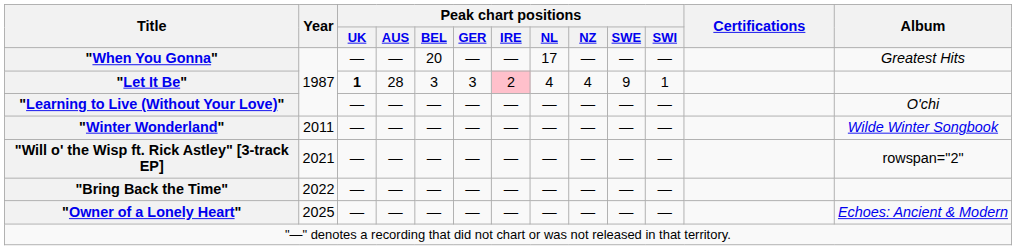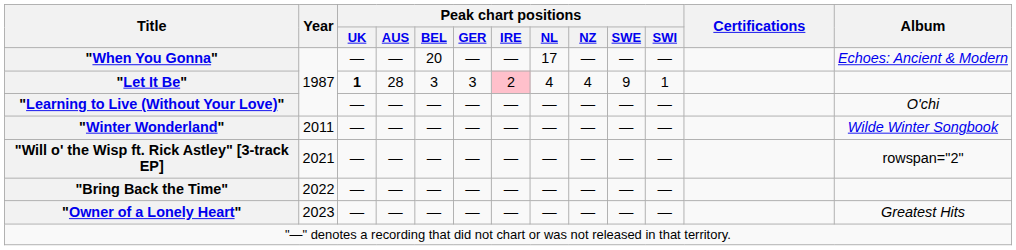 <table class="wikitable plainrowheaders" style="text-align:center;">
 <tr>
 <th scope="col" rowspan="2" style="width:20em;">Title</th>
 <th scope="col" rowspan="2">Year</th>
 <th scope="col" colspan="9">Peak chart positions</th>
 <th scope="col" rowspan="2" style="width:10em;"><a href='#'>Certifications</a></th>
 <th scope="col" rowspan="2">Album</th>
 </tr>
 <tr>
 <th scope="col" style="width:2.5em;font-size:90%;"><a href='#'>UK</a><br></th>
 <th scope="col" style="width:2.5em;font-size:90%;"><a href='#'>AUS</a><br></th>
 <th scope="col" style="width:2.5em;font-size:90%;"><a href='#'>BEL</a><br></th>
 <th scope="col" style="width:2.5em;font-size:90%;"><a href='#'>GER</a><br></th>
 <th scope="col" style="width:2.5em;font-size:90%;"><a href='#'>IRE</a><br></th>
 <th scope="col" style="width:2.5em;font-size:90%;"><a href='#'>NL</a><br></th>
 <th scope="col" style="width:2.5em;font-size:90%;"><a href='#'>NZ</a><br></th>
 <th scope="col" style="width:2.5em;font-size:90%;"><a href='#'>SWE</a><br></th>
 <th scope="col" style="width:2.5em;font-size:90%;"><a href='#'>SWI</a><br></th>
 </tr>
 <tr>
 <th scope="row">"<a href='#'>When You Gonna</a>"<br></th>
 <td rowspan="3">1987</td>
 <td>—</td>
 <td>—</td>
 <td>20</td>
 <td>—</td>
 <td>—</td>
 <td>17</td>
 <td>—</td>
 <td>—</td>
 <td>—</td>
 <td></td>
-<td><em>Greatest Hits</em></td>
+<td><em><a href='#'>Echoes: Ancient & Modern</a></em></td>
 </tr>
 <tr>
 <th scope="row">"<a href='#'>Let It Be</a>"<br></th>
 <td><strong>1</strong></td>
 <td>28</td>
 <td>3</td>
 <td>3</td>
 <td style="background: pink;">2</td>
 <td>4</td>
 <td>4</td>
 <td>9</td>
 <td>1</td>
 <td></td>
 <td></td>
 </tr>
 <tr>
 <th scope="row">"<a href='#'>Learning to Live (Without Your Love)</a>"<br></th>
 <td>—</td>
 <td>—</td>
 <td>—</td>
 <td>—</td>
 <td>—</td>
 <td>—</td>
 <td>—</td>
 <td>—</td>
 <td>—</td>
 <td></td>
 <td><em>O'chi</em></td>
 </tr>
 <tr>
 <th scope="row">"<a href='#'>Winter Wonderland</a>"<br></th>
 <td>2011</td>
 <td>—</td>
 <td>—</td>
 <td>—</td>
 <td>—</td>
 <td>—</td>
 <td>—</td>
 <td>—</td>
 <td>—</td>
 <td>—</td>
 <td></td>
 <td><em><a href='#'>Wilde Winter Songbook</a></em></td>
 </tr>
 <tr>
 <th scope="row">"Will o' the Wisp ft. Rick Astley" [3-track EP]<br></th>
 <td>2021</td>
 <td>—</td>
 <td>—</td>
 <td>—</td>
 <td>—</td>
 <td>—</td>
 <td>—</td>
 <td>—</td>
 <td>—</td>
 <td>—</td>
 <td></td>
 <td>rowspan="2" </td>
 </tr>
 <tr>
 <th scope="row">"Bring Back the Time"<br></th>
 <td>2022</td>
 <td>—</td>
 <td>—</td>
 <td>—</td>
 <td>—</td>
 <td>—</td>
 <td>—</td>
 <td>—</td>
 <td>—</td>
 <td>—</td>
 <td></td>
 </tr>
 <tr>
 <th scope="row">"<a href='#'>Owner of a Lonely Heart</a>"<br></th>
-<td>2025</td>
+<td>2023</td>
 <td>—</td>
 <td>—</td>
 <td>—</td>
 <td>—</td>
 <td>—</td>
 <td>—</td>
 <td>—</td>
 <td>—</td>
 <td>—</td>
 <td></td>
-<td><em><a href='#'>Echoes: Ancient & Modern</a></em></td>
+<td><em>Greatest Hits</em></td>
 </tr>
 <tr>
 <td colspan="20" style="font-size:90%;">"—" denotes a recording that did not chart or was not released in that territory.</td>
 </tr>
 </table>
